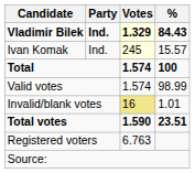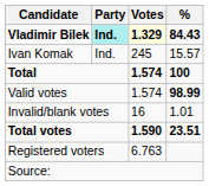 <table class="wikitable" style="text-align: left;">
 <tr>
 <th>Candidate</th>
 <th>Party</th>
 <th>Votes</th>
 <th>%</th>
 </tr>
 <tr>
 <td><strong>Vladimir Bilek</strong></td>
-<td><strong>Ind.</strong></td>
+<td style="background: paleturquoise;"><strong>Ind.</strong></td>
 <td style="background: lightyellow;"><strong>1.329</strong></td>
 <td><strong>84.43</strong></td>
 </tr>
 <tr>
 <td>Ivan Komak</td>
 <td>Ind.</td>
-<td style="background: lightyellow;">245</td>
+<td>245</td>
 <td>15.57</td>
 </tr>
 <tr>
 <td colspan="2"><strong>Total</strong></td>
 <td><strong>1.574</strong></td>
 <td><strong>100</strong></td>
 </tr>
 <tr>
 <td colspan="2">Valid votes</td>
 <td>1.574</td>
-<td>98.99</td>
+<td><strong>98.99</strong></td>
 </tr>
 <tr>
 <td colspan="2">Invalid/blank votes</td>
-<td style="background: khaki;">16</td>
+<td>16</td>
 <td>1.01</td>
 </tr>
 <tr>
 <td colspan="2"><strong>Total votes</strong></td>
 <td><strong>1.590</strong></td>
 <td><strong>23.51</strong></td>
 </tr>
 <tr>
 <td colspan="2">Registered voters</td>
 <td>6.763</td>
 <td></td>
 </tr>
 <tr>
 <td colspan="4">Source: </td>
 </tr>
 </table>
